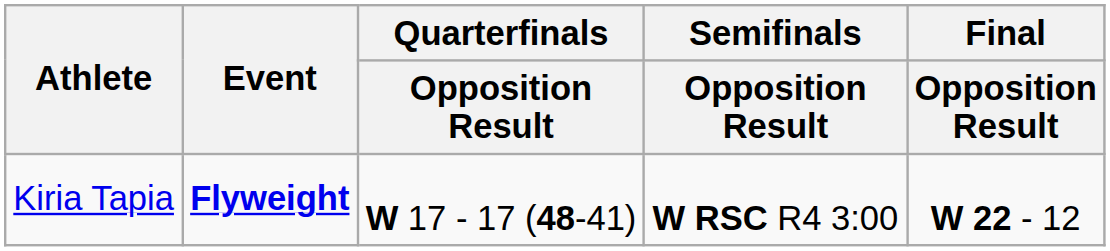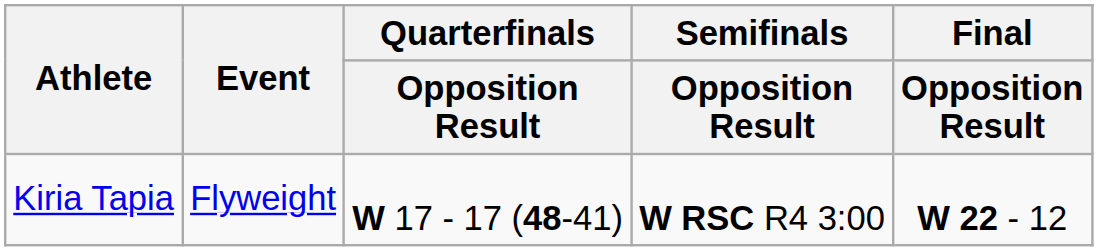 <table class="wikitable" border="1" style="font-size:90%">
 <tr>
 <th rowspan=2>Athlete</th>
 <th rowspan=2>Event</th>
 <th>Quarterfinals</th>
 <th>Semifinals</th>
 <th>Final</th>
 </tr>
 <tr>
 <th>Opposition<br>Result</th>
 <th>Opposition<br>Result</th>
 <th>Opposition<br>Result</th>
 </tr>
 <tr>
 <td><a href='#'>Kiria Tapia</a></td>
-<td><strong><a href='#'>Flyweight</a></strong></td>
+<td><a href='#'>Flyweight</a></td>
 <td align=center><br><strong>W</strong> 17 - 17 (<strong>48</strong>-41)</td>
 <td align=center><br><strong>W</strong> <strong>RSC</strong> R4 3:00</td>
 <td align=center><br><strong>W</strong> <strong>22</strong> - 12<br></td>
 </tr>
 </table>
